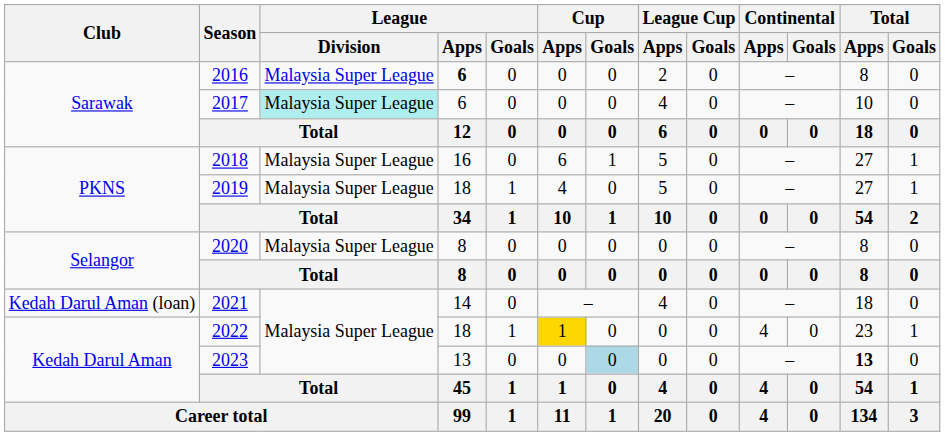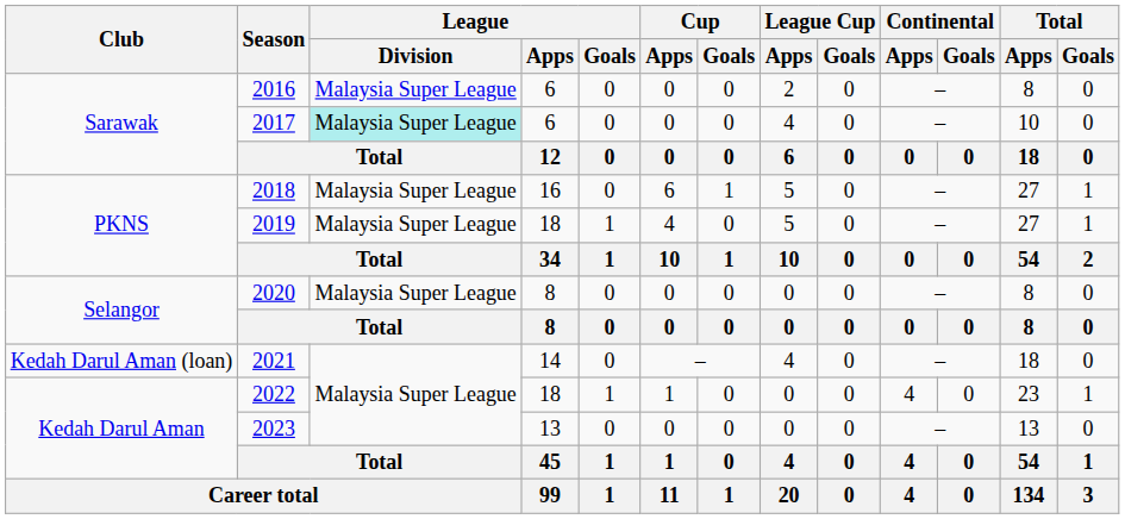 <table class=wikitable style="text-align:center">
 <tr>
 <th rowspan=2>Club</th>
 <th rowspan=2>Season</th>
 <th colspan=3>League</th>
 <th colspan=2>Cup</th>
 <th colspan=2>League Cup</th>
 <th colspan=2>Continental</th>
 <th colspan=2>Total</th>
 </tr>
 <tr>
 <th>Division</th>
 <th>Apps</th>
 <th>Goals</th>
 <th>Apps</th>
 <th>Goals</th>
 <th>Apps</th>
 <th>Goals</th>
 <th>Apps</th>
 <th>Goals</th>
 <th>Apps</th>
 <th>Goals</th>
 </tr>
 <tr>
 <td rowspan="3"><a href='#'>Sarawak</a></td>
 <td><a href='#'>2016</a></td>
 <td><a href='#'>Malaysia Super League</a></td>
-<td><strong>6</strong></td>
+<td>6</td>
 <td>0</td>
 <td>0</td>
 <td>0</td>
 <td>2</td>
 <td>0</td>
 <td colspan="2">–</td>
 <td>8</td>
 <td>0</td>
 </tr>
 <tr>
 <td><a href='#'>2017</a></td>
 <td style="background: paleturquoise;">Malaysia Super League</td>
 <td>6</td>
 <td>0</td>
 <td>0</td>
 <td>0</td>
 <td>4</td>
 <td>0</td>
 <td colspan="2">–</td>
 <td>10</td>
 <td>0</td>
 </tr>
 <tr>
 <th colspan=2>Total</th>
 <th>12</th>
 <th>0</th>
 <th>0</th>
 <th>0</th>
 <th>6</th>
 <th>0</th>
 <th>0</th>
 <th>0</th>
 <th>18</th>
 <th>0</th>
 </tr>
 <tr>
 <td rowspan="3"><a href='#'>PKNS</a></td>
 <td><a href='#'>2018</a></td>
 <td>Malaysia Super League</td>
 <td>16</td>
 <td>0</td>
 <td>6</td>
 <td>1</td>
 <td>5</td>
 <td>0</td>
 <td colspan="2">–</td>
 <td>27</td>
 <td>1</td>
 </tr>
 <tr>
 <td><a href='#'>2019</a></td>
 <td>Malaysia Super League</td>
 <td>18</td>
 <td>1</td>
 <td>4</td>
 <td>0</td>
 <td>5</td>
 <td>0</td>
 <td colspan="2">–</td>
 <td>27</td>
 <td>1</td>
 </tr>
 <tr>
 <th colspan=2>Total</th>
 <th>34</th>
 <th>1</th>
 <th>10</th>
 <th>1</th>
 <th>10</th>
 <th>0</th>
 <th>0</th>
 <th>0</th>
 <th>54</th>
 <th>2</th>
 </tr>
 <tr>
 <td rowspan="2"><a href='#'>Selangor</a></td>
 <td><a href='#'>2020</a></td>
 <td>Malaysia Super League</td>
 <td>8</td>
 <td>0</td>
 <td>0</td>
 <td>0</td>
 <td>0</td>
 <td>0</td>
 <td colspan="2">–</td>
 <td>8</td>
 <td>0</td>
 </tr>
 <tr>
 <th colspan=2>Total</th>
 <th>8</th>
 <th>0</th>
 <th>0</th>
 <th>0</th>
 <th>0</th>
 <th>0</th>
 <th>0</th>
 <th>0</th>
 <th>8</th>
 <th>0</th>
 </tr>
 <tr>
 <td><a href='#'>Kedah Darul Aman</a> (loan)</td>
 <td><a href='#'>2021</a></td>
 <td rowspan="3">Malaysia Super League</td>
 <td>14</td>
 <td>0</td>
 <td colspan="2">–</td>
 <td>4</td>
 <td>0</td>
 <td colspan="2">–</td>
 <td>18</td>
 <td>0</td>
 </tr>
 <tr>
 <td rowspan="3"><a href='#'>Kedah Darul Aman</a></td>
 <td><a href='#'>2022</a></td>
 <td>18</td>
 <td>1</td>
-<td style="background: gold;">1</td>
+<td>1</td>
 <td>0</td>
 <td>0</td>
 <td>0</td>
 <td>4</td>
 <td>0</td>
 <td>23</td>
 <td>1</td>
 </tr>
 <tr>
 <td><a href='#'>2023</a></td>
 <td>13</td>
 <td>0</td>
 <td>0</td>
-<td style="background: lightblue;">0</td>
+<td>0</td>
 <td>0</td>
 <td>0</td>
 <td colspan="2">–</td>
-<td><strong>13</strong></td>
+<td>13</td>
 <td>0</td>
 </tr>
 <tr>
 <th colspan=2>Total</th>
 <th>45</th>
 <th>1</th>
 <th>1</th>
 <th>0</th>
 <th>4</th>
 <th>0</th>
 <th>4</th>
 <th>0</th>
 <th>54</th>
 <th>1</th>
 </tr>
 <tr>
 <th colspan=3>Career total</th>
 <th>99</th>
 <th>1</th>
 <th>11</th>
 <th>1</th>
 <th>20</th>
 <th>0</th>
 <th>4</th>
 <th>0</th>
 <th>134</th>
 <th>3</th>
 </tr>
 </table>
